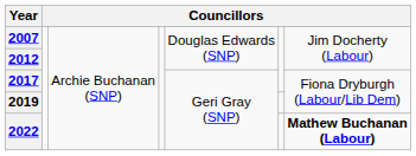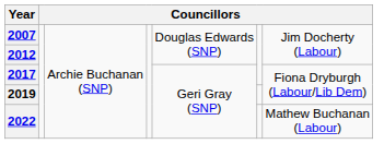 <table class="wikitable" style="text-align:center">
 <tr>
 <th>Year</th>
 <th colspan=8>Councillors</th>
 </tr>
 <tr>
 <th><a href='#'>2007</a></th>
 <td rowspan=5; style="background-color: "></td>
 <td rowspan=5>Archie Buchanan<br>(<a href='#'>SNP</a>)</td>
 <td rowspan=5; style="background-color: "></td>
 <td rowspan=2>Douglas Edwards<br>(<a href='#'>SNP</a>)</td>
 <td rowspan=3; style="background-color: "></td>
 <td rowspan=2>Jim Docherty<br>(<a href='#'>Labour</a>)</td>
 </tr>
 <tr>
 <th><a href='#'>2012</a></th>
 </tr>
 <tr>
 <th><a href='#'>2017</a></th>
 <td rowspan=3>Geri Gray<br>(<a href='#'>SNP</a>)</td>
 <td rowspan=2>Fiona Dryburgh<br>(<a href='#'>Labour</a>/<a href='#'>Lib Dem</a>)</td>
 </tr>
 <tr>
 <th>2019</th>
 <td rowspan=1; style="background-color: "></td>
 </tr>
 <tr>
 <th><a href='#'>2022</a></th>
 <td rowspan=1; style="background-color: "></td>
-<td rowspan=1><strong>Mathew Buchanan<br>(<a href='#'>Labour</a>)</strong></td>
+<td rowspan=1>Mathew Buchanan<br>(<a href='#'>Labour</a>)</td>
 </tr>
 </table>
